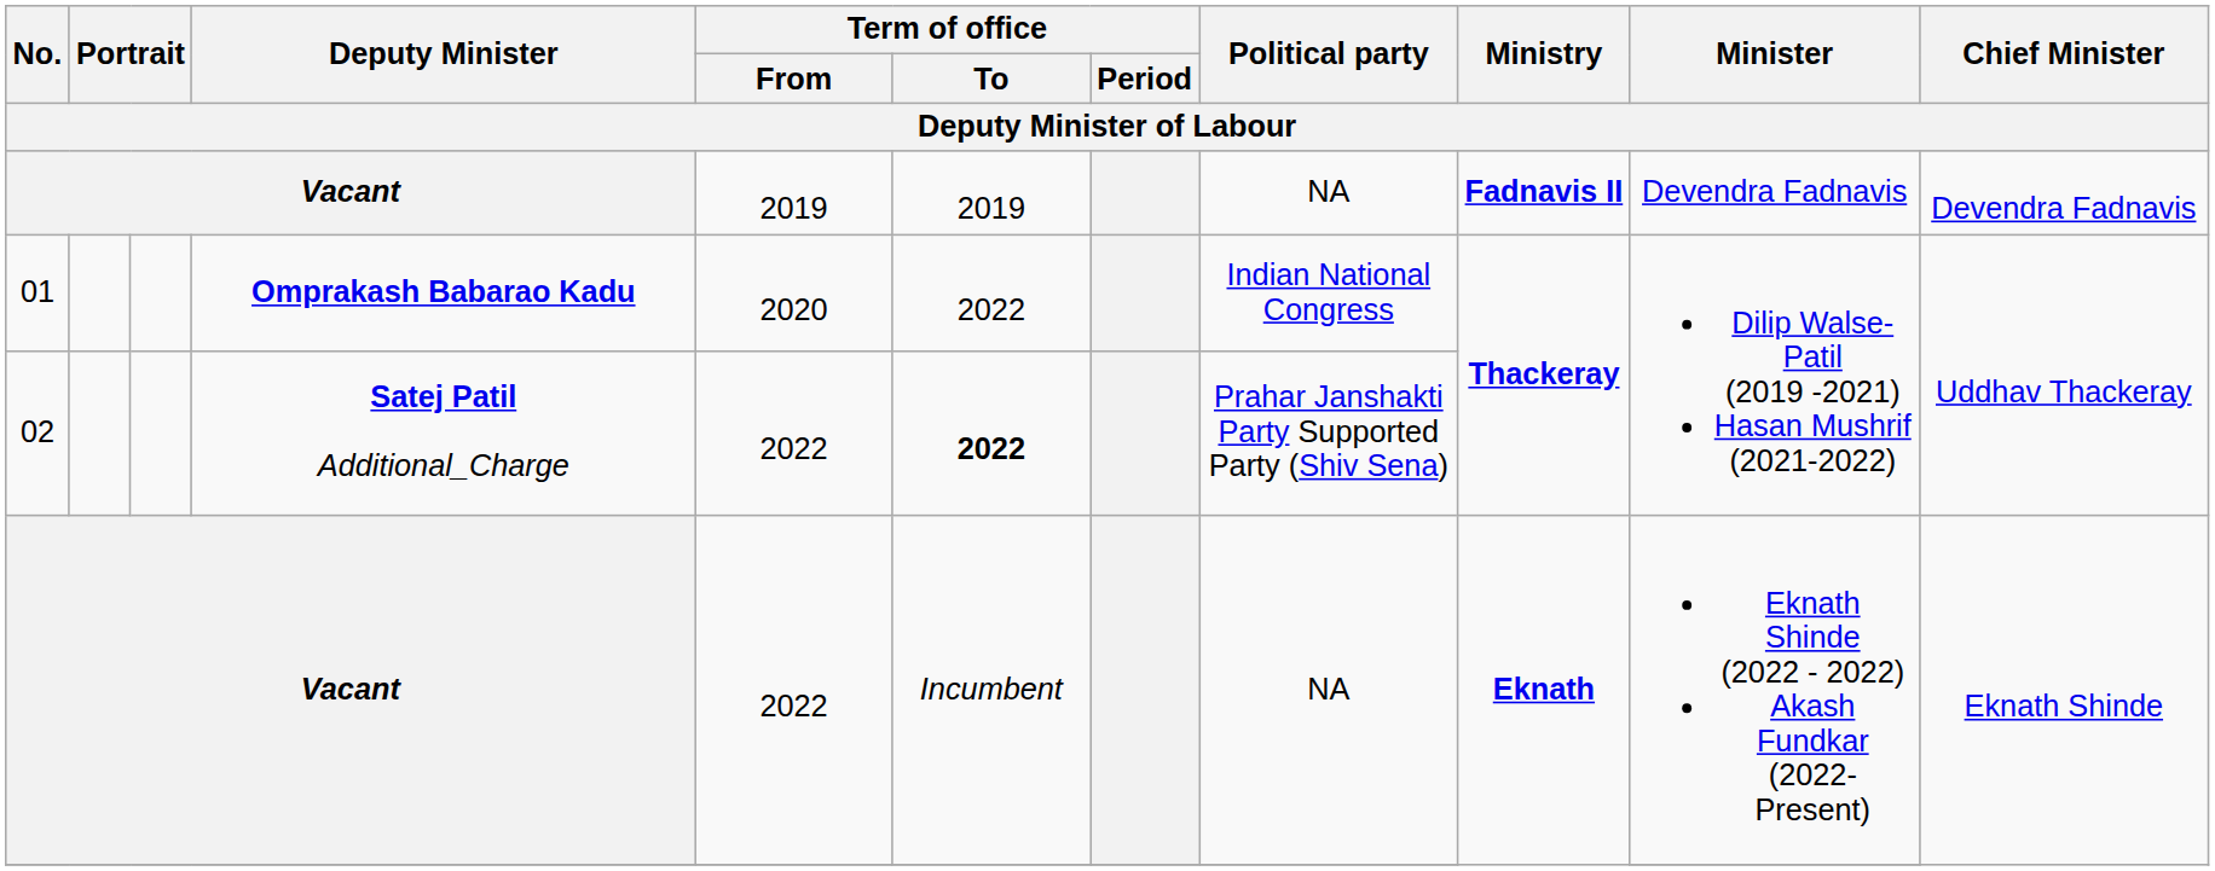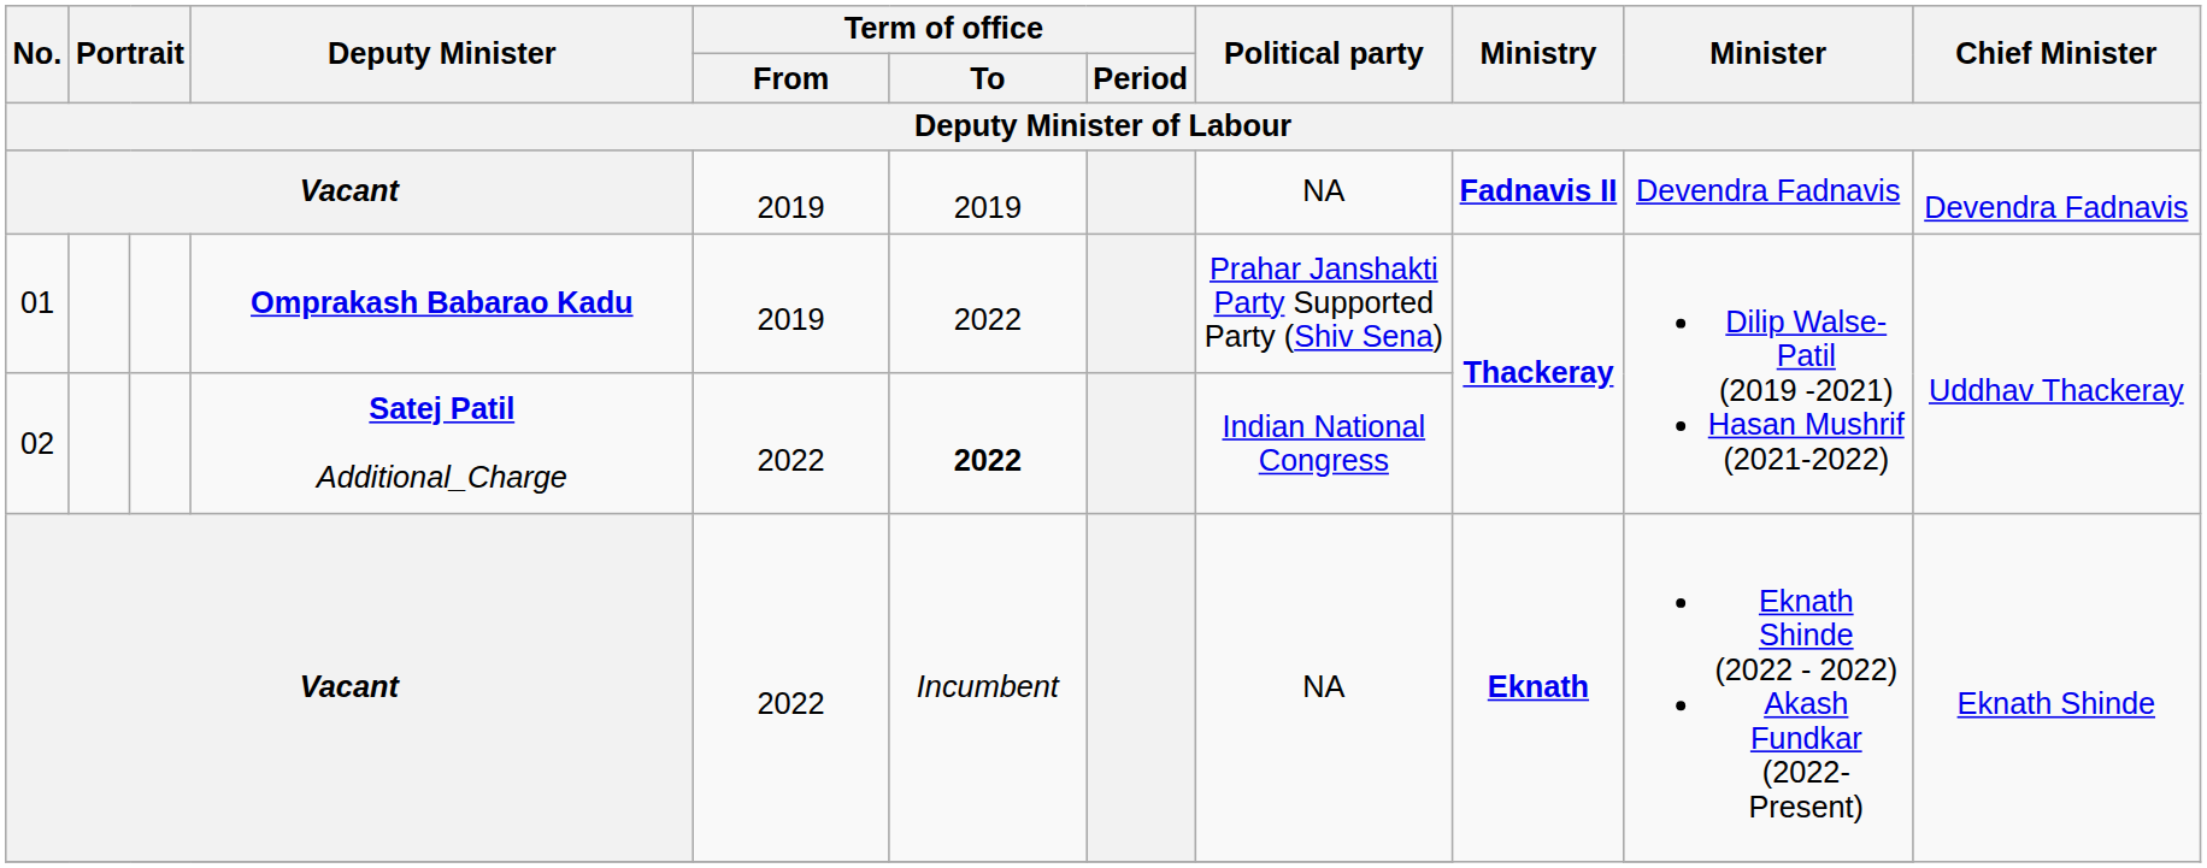 <table class="wikitable" style="text-align:center">
 <tr>
 <th rowspan="2">No.</th>
 <th rowspan="2" colspan="2">Portrait</th>
 <th rowspan="2" style="width:16em">Deputy Minister<br></th>
 <th colspan="3">Term of office</th>
 <th rowspan="2" style="width:8em">Political party</th>
 <th rowspan="2">Ministry</th>
 <th rowspan="2" style="width:9em">Minister</th>
 <th rowspan="2" style="width:9em">Chief Minister</th>
 </tr>
 <tr>
 <th style="width:6em">From</th>
 <th style="width:6em">To</th>
 <th>Period</th>
 </tr>
 <tr>
 <th colspan="11">Deputy Minister of Labour</th>
 </tr>
 <tr>
 <th colspan="04"><strong><em> Vacant</em></strong></th>
 <td><br>2019</td>
 <td><br>2019</td>
 <th></th>
 <td>NA</td>
 <td rowspan="1"><a href='#'><strong>Fadnavis II</strong></a></td>
 <td><a href='#'>Devendra Fadnavis</a></td>
 <td rowspan="1"> <br><a href='#'>Devendra Fadnavis</a></td>
 </tr>
 <tr>
 <td>01</td>
 <td style="color:inherit;background:"></td>
 <td></td>
 <td><strong><a href='#'>Omprakash Babarao Kadu</a></strong> <br> </td>
-<td><br>2020</td>
+<td><br>2019</td>
 <td><br>2022</td>
 <th></th>
-<td><a href='#'>Indian National Congress</a></td>
+<td><a href='#'>Prahar Janshakti Party</a> Supported Party (<a href='#'>Shiv Sena</a>)</td>
 <td rowspan="2"><a href='#'><strong>Thackeray</strong></a></td>
 <td rowspan="2"><br><ul><li><a href='#'>Dilip Walse-Patil</a><br>(2019 -2021)</li><li><a href='#'>Hasan Mushrif</a><br>(2021-2022)</li></ul></td>
 <td rowspan="2"> <br><a href='#'>Uddhav Thackeray</a></td>
 </tr>
 <tr>
 <td>02</td>
 <td style="color:inherit;background:"></td>
 <td></td>
 <td><strong><a href='#'>Satej Patil</a></strong> <br> <br><em>Additional_Charge</em></td>
 <td><br>2022</td>
 <td><strong><br>2022</strong></td>
 <th></th>
-<td><a href='#'>Prahar Janshakti Party</a> Supported Party (<a href='#'>Shiv Sena</a>)</td>
+<td><a href='#'>Indian National Congress</a></td>
 </tr>
 <tr>
 <th colspan="04"><strong><em>Vacant</em></strong></th>
 <td><br>2022</td>
 <td><em>Incumbent</em></td>
 <th></th>
 <td>NA</td>
 <td rowspan="2"><a href='#'><strong>Eknath</strong></a></td>
 <td><br><ul><li><a href='#'>Eknath Shinde</a><br>(2022 - 2022)</li><li><a href='#'>Akash Fundkar</a><br> (2022- Present)</li></ul></td>
 <td rowspan="2"> <br><a href='#'>Eknath Shinde</a></td>
 </tr>
 <tr>
 </tr>
 </table>
